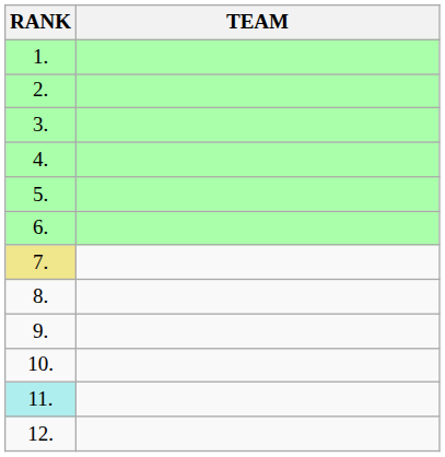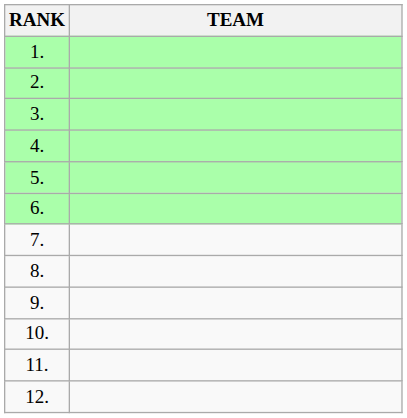 <table class="wikitable" style="border-collapse: collapse; font-size: 90%;">
 <tr>
 <th>RANK</th>
 <th align="left" style="width: 17em">TEAM</th>
 </tr>
 <tr bgcolor=#AAFFAA>
 <td align="center">1.</td>
 <td></td>
 </tr>
 <tr bgcolor=#AAFFAA>
 <td align="center">2.</td>
 <td></td>
 </tr>
 <tr bgcolor=#AAFFAA>
 <td align="center">3.</td>
 <td></td>
 </tr>
 <tr bgcolor=#AAFFAA>
 <td align="center">4.</td>
 <td></td>
 </tr>
 <tr bgcolor=#AAFFAA>
 <td align="center">5.</td>
 <td></td>
 </tr>
 <tr bgcolor=#AAFFAA>
 <td align="center">6.</td>
 <td></td>
 </tr>
 <tr>
-<td align="center" style="background: khaki;">7.</td>
+<td align="center">7.</td>
 <td></td>
 </tr>
 <tr>
 <td align="center">8.</td>
 <td></td>
 </tr>
 <tr>
 <td align="center">9.</td>
 <td></td>
 </tr>
 <tr>
 <td align="center">10.</td>
 <td></td>
 </tr>
 <tr>
-<td align="center" style="background: paleturquoise;">11.</td>
+<td align="center">11.</td>
 <td></td>
 </tr>
 <tr>
 <td align="center">12.</td>
 <td></td>
 </tr>
 </table>
